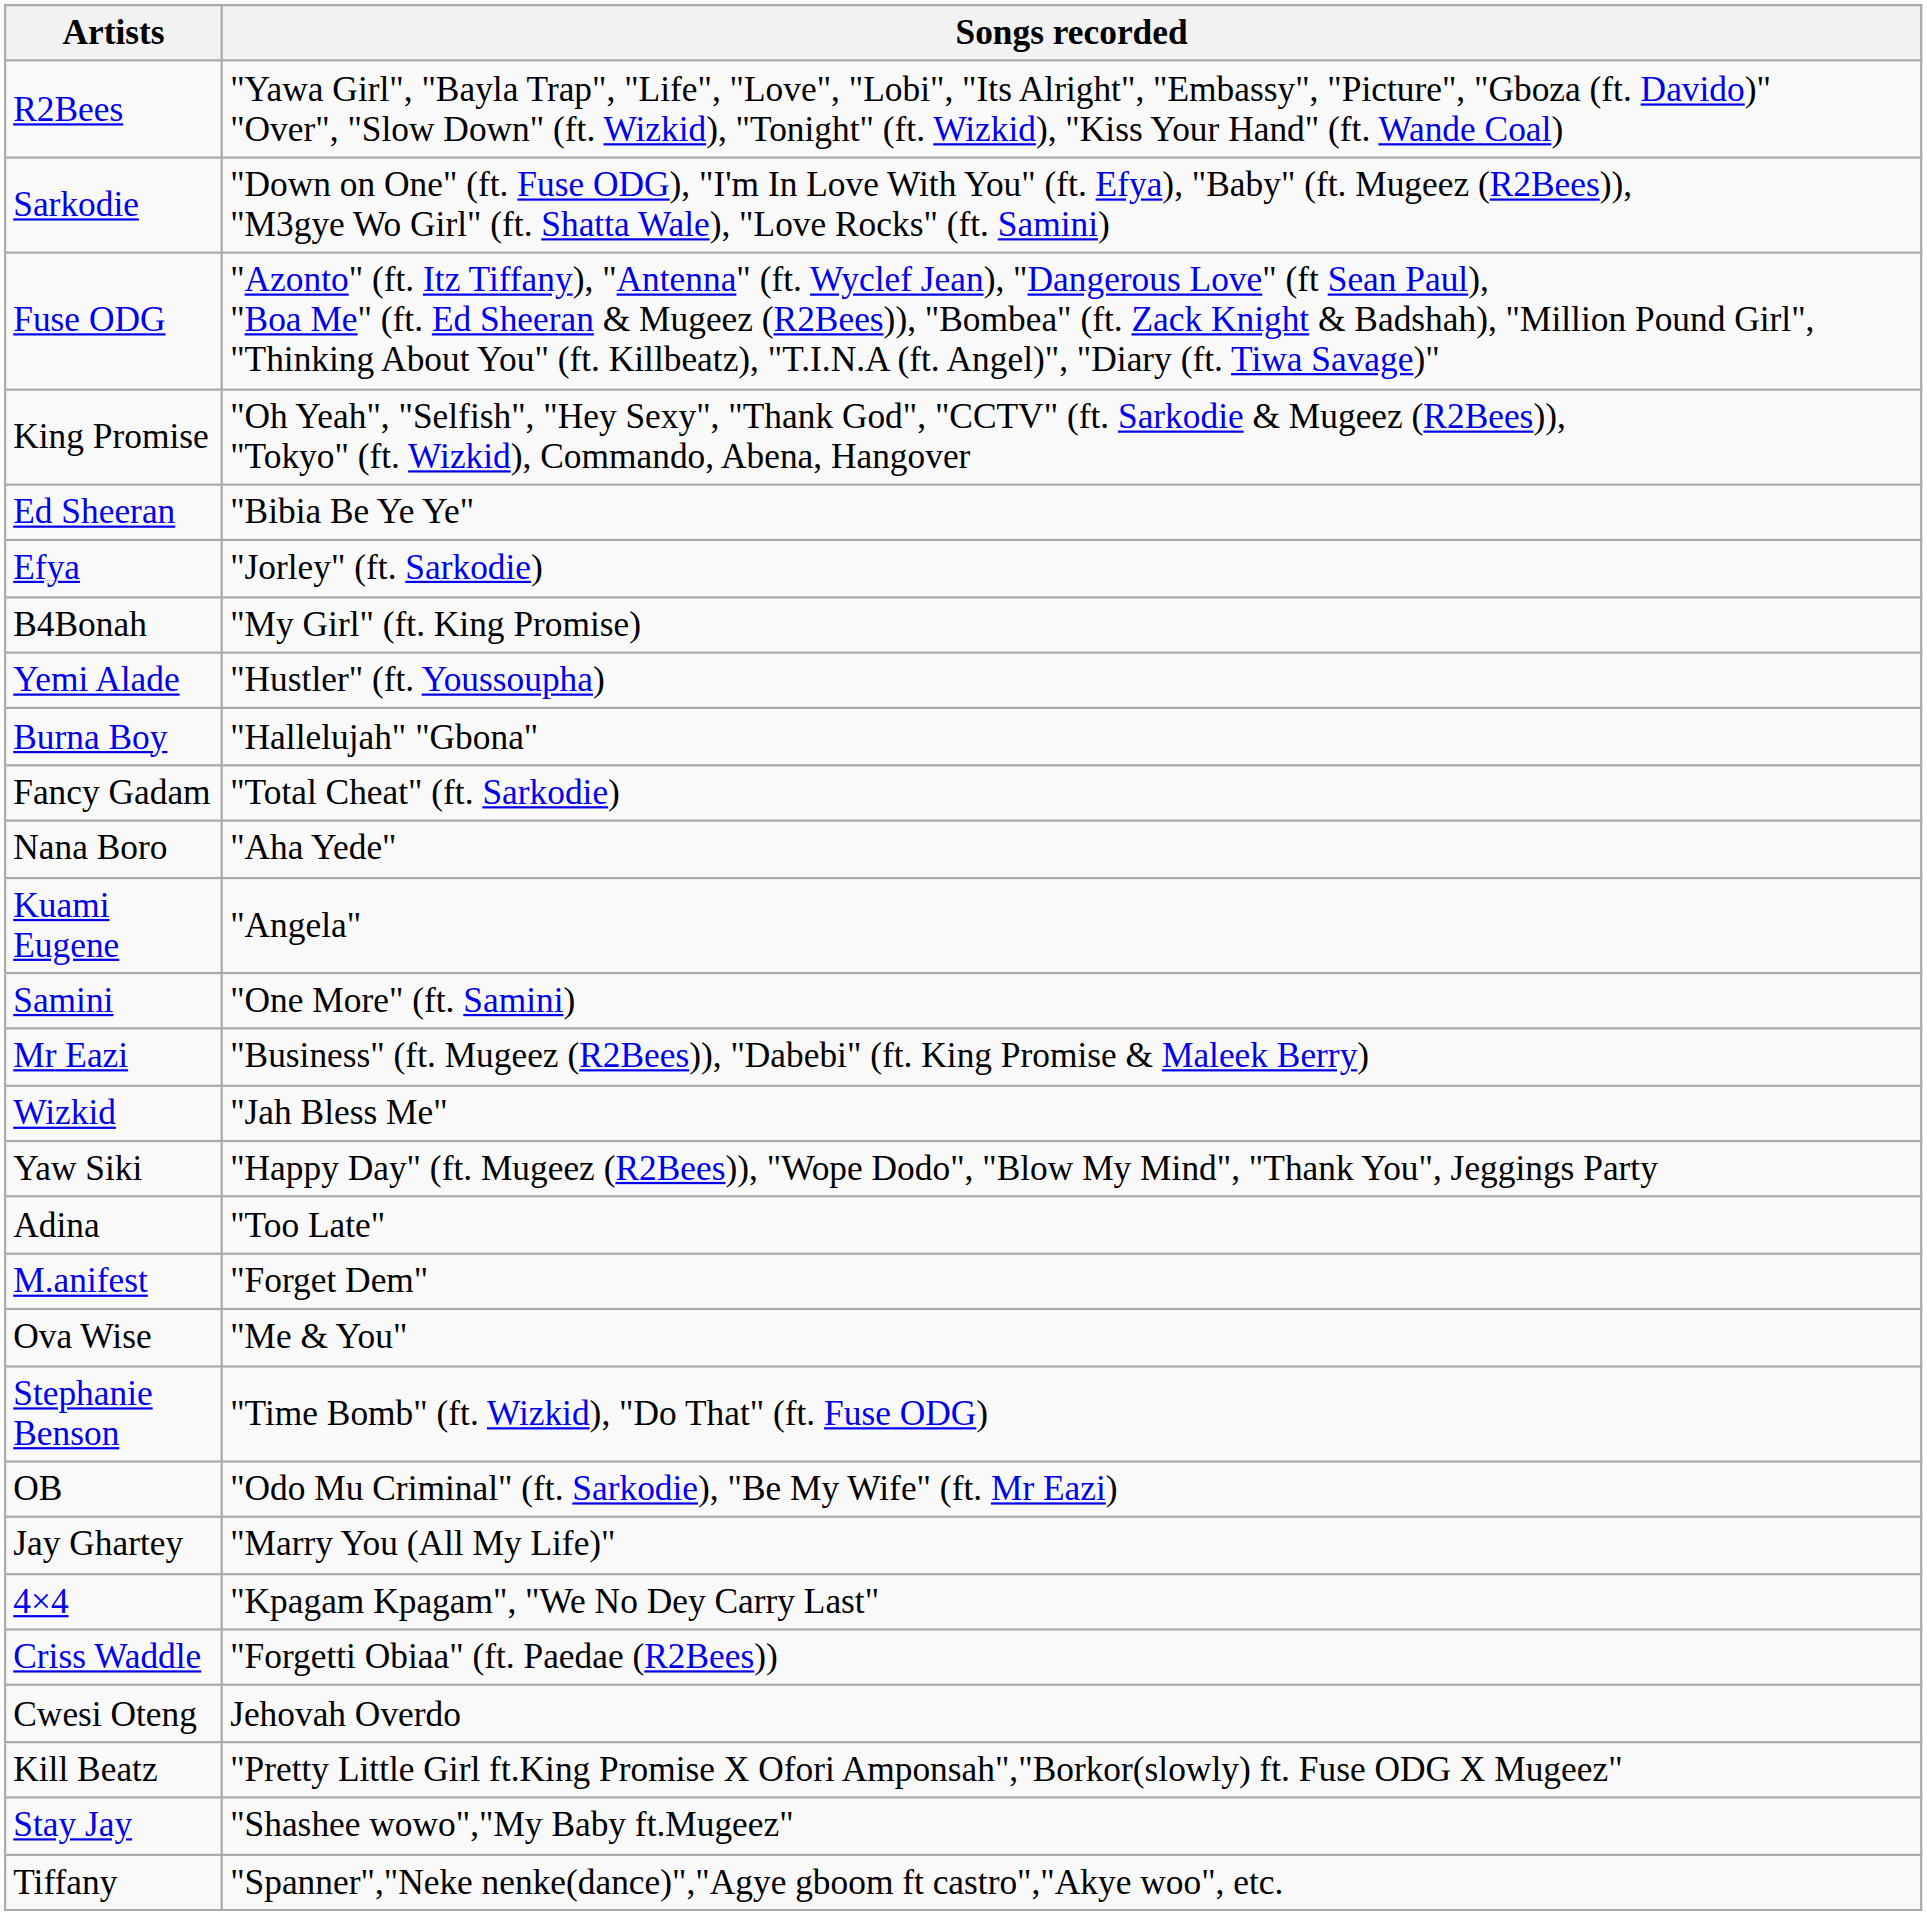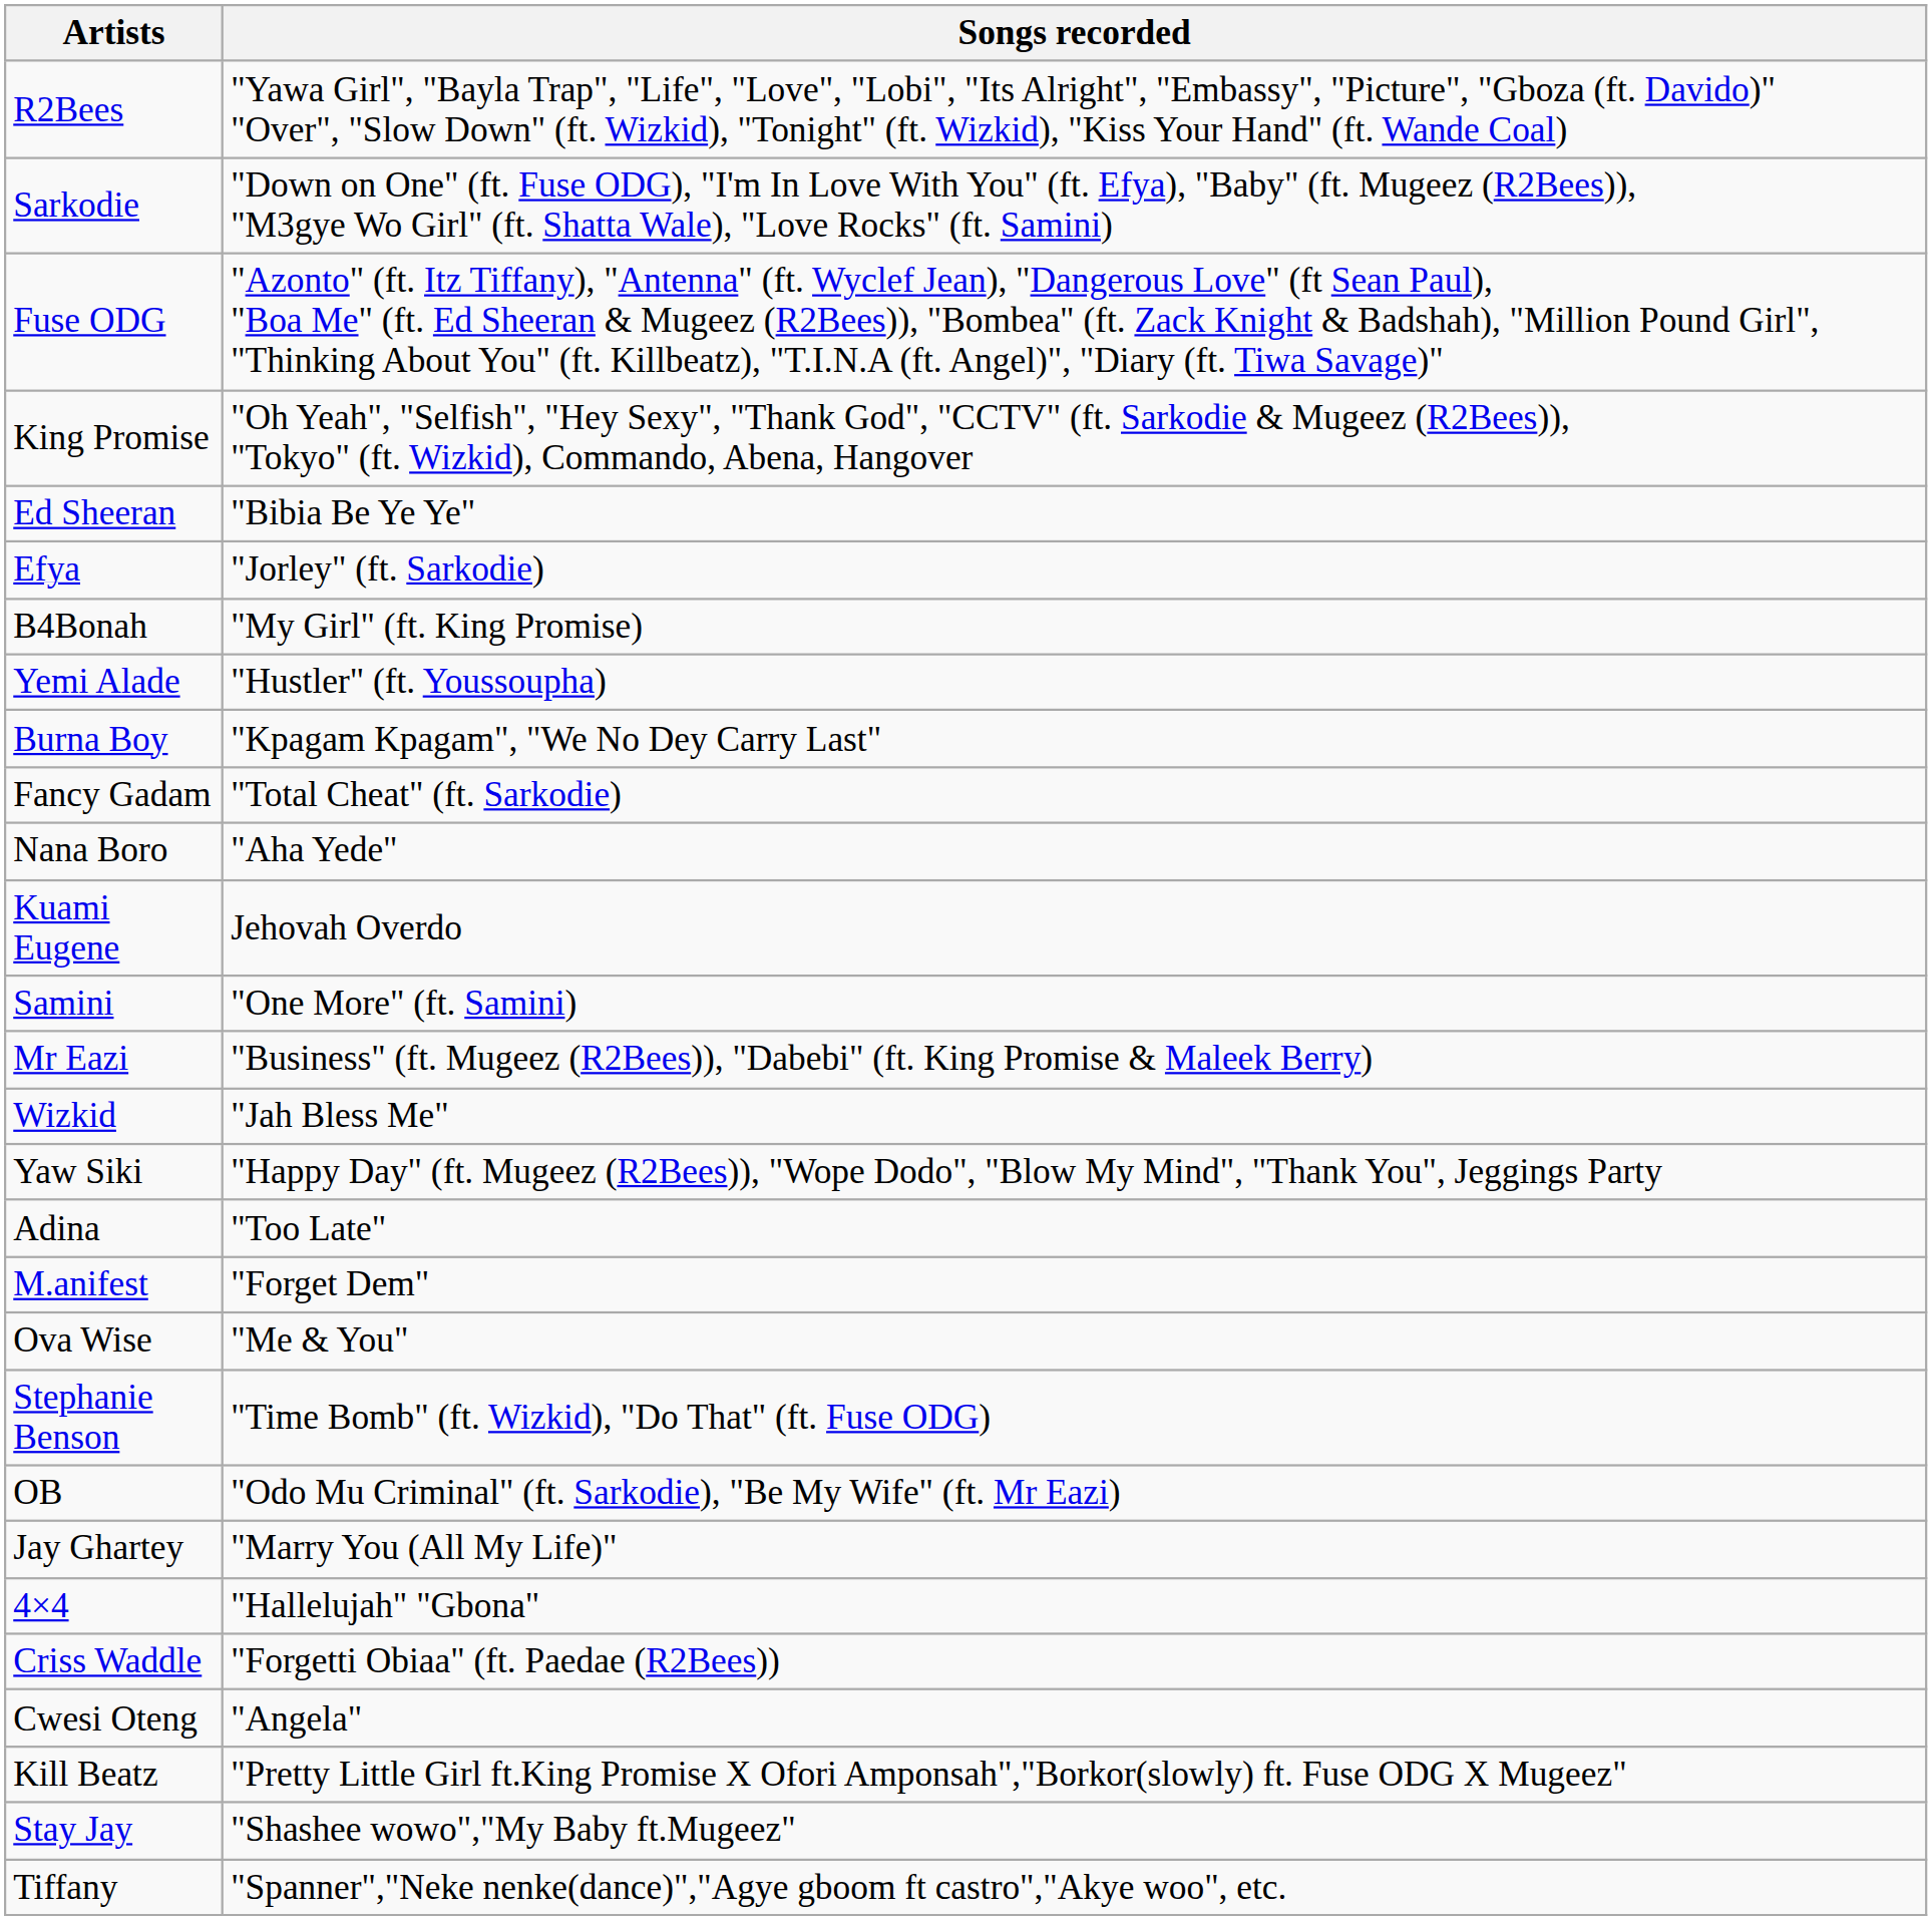 <table class="wikitable sortable">
 <tr>
 <th>Artists</th>
 <th>Songs recorded</th>
 </tr>
 <tr>
 <td><a href='#'>R2Bees</a></td>
 <td>"Yawa Girl", "Bayla Trap", "Life", "Love", "Lobi", "Its Alright", "Embassy", "Picture", "Gboza (ft. <a href='#'>Davido</a>)"<br>"Over", "Slow Down" (ft. <a href='#'>Wizkid</a>), "Tonight" (ft. <a href='#'>Wizkid</a>), "Kiss Your Hand" (ft. <a href='#'>Wande Coal</a>)</td>
 </tr>
 <tr>
 <td><a href='#'>Sarkodie</a></td>
 <td>"Down on One" (ft. <a href='#'>Fuse ODG</a>), "I'm In Love With You" (ft. <a href='#'>Efya</a>), "Baby" (ft. Mugeez (<a href='#'>R2Bees</a>)),<br>"M3gye Wo Girl" (ft. <a href='#'>Shatta Wale</a>), "Love Rocks" (ft. <a href='#'>Samini</a>)</td>
 </tr>
 <tr>
 <td><a href='#'>Fuse ODG</a></td>
 <td>"<a href='#'>Azonto</a>" (ft. <a href='#'>Itz Tiffany</a>), "<a href='#'>Antenna</a>" (ft. <a href='#'>Wyclef Jean</a>), "<a href='#'>Dangerous Love</a>" (ft <a href='#'>Sean Paul</a>),<br>"<a href='#'>Boa Me</a>" (ft. <a href='#'>Ed Sheeran</a> & Mugeez (<a href='#'>R2Bees</a>)), "Bombea" (ft. <a href='#'>Zack Knight</a> & Badshah), "Million Pound Girl", "Thinking About You" (ft. Killbeatz), "T.I.N.A (ft. Angel)", "Diary (ft. <a href='#'>Tiwa Savage</a>)"</td>
 </tr>
 <tr>
 <td>King Promise</td>
 <td>"Oh Yeah", "Selfish", "Hey Sexy", "Thank God", "CCTV" (ft. <a href='#'>Sarkodie</a>  & Mugeez (<a href='#'>R2Bees</a>)),<br>"Tokyo" (ft. <a href='#'>Wizkid</a>), Commando, Abena, Hangover</td>
 </tr>
 <tr>
 <td><a href='#'>Ed Sheeran</a></td>
 <td>"Bibia Be Ye Ye"</td>
 </tr>
 <tr>
 <td><a href='#'>Efya</a></td>
 <td>"Jorley" (ft. <a href='#'>Sarkodie</a>)</td>
 </tr>
 <tr>
 <td>B4Bonah</td>
 <td>"My Girl" (ft. King Promise)</td>
 </tr>
 <tr>
 <td><a href='#'>Yemi Alade</a></td>
 <td>"Hustler" (ft. <a href='#'>Youssoupha</a>)</td>
 </tr>
 <tr>
 <td><a href='#'>Burna Boy</a></td>
-<td>"Hallelujah" "Gbona"</td>
+<td>"Kpagam Kpagam", "We No Dey Carry Last"</td>
 </tr>
 <tr>
 <td>Fancy Gadam</td>
 <td>"Total Cheat" (ft. <a href='#'>Sarkodie</a>)</td>
 </tr>
 <tr>
 <td>Nana Boro</td>
 <td>"Aha Yede"</td>
 </tr>
 <tr>
 <td><a href='#'>Kuami Eugene</a></td>
-<td>"Angela"</td>
+<td>Jehovah Overdo</td>
 </tr>
 <tr>
 <td><a href='#'>Samini</a></td>
 <td>"One More" (ft. <a href='#'>Samini</a>)</td>
 </tr>
 <tr>
 <td><a href='#'>Mr Eazi</a></td>
 <td>"Business" (ft. Mugeez (<a href='#'>R2Bees</a>)), "Dabebi" (ft. King Promise & <a href='#'>Maleek Berry</a>)</td>
 </tr>
 <tr>
 <td><a href='#'>Wizkid</a></td>
 <td>"Jah Bless Me"</td>
 </tr>
 <tr>
 <td>Yaw Siki</td>
 <td>"Happy Day" (ft. Mugeez (<a href='#'>R2Bees</a>)), "Wope Dodo", "Blow My Mind", "Thank You", Jeggings Party</td>
 </tr>
 <tr>
 <td>Adina</td>
 <td>"Too Late"</td>
 </tr>
 <tr>
 <td><a href='#'>M.anifest</a></td>
 <td>"Forget Dem"</td>
 </tr>
 <tr>
 <td>Ova Wise</td>
 <td>"Me & You"</td>
 </tr>
 <tr>
 <td><a href='#'>Stephanie Benson</a></td>
 <td>"Time Bomb" (ft. <a href='#'>Wizkid</a>), "Do That" (ft. <a href='#'>Fuse ODG</a>)</td>
 </tr>
 <tr>
 <td>OB</td>
 <td>"Odo Mu Criminal" (ft. <a href='#'>Sarkodie</a>), "Be My Wife" (ft. <a href='#'>Mr Eazi</a>)</td>
 </tr>
 <tr>
 <td>Jay Ghartey</td>
 <td>"Marry You (All My Life)"</td>
 </tr>
 <tr>
 <td><a href='#'>4×4</a></td>
-<td>"Kpagam Kpagam", "We No Dey Carry Last"</td>
+<td>"Hallelujah" "Gbona"</td>
 </tr>
 <tr>
 <td><a href='#'>Criss Waddle</a></td>
 <td>"Forgetti Obiaa" (ft. Paedae (<a href='#'>R2Bees</a>))</td>
 </tr>
 <tr>
 <td>Cwesi Oteng</td>
-<td>Jehovah Overdo</td>
+<td>"Angela"</td>
 </tr>
 <tr>
 <td>Kill Beatz</td>
 <td>"Pretty Little Girl ft.King Promise X Ofori Amponsah","Borkor(slowly) ft. Fuse ODG X Mugeez"</td>
 </tr>
 <tr>
 <td><a href='#'>Stay Jay</a></td>
 <td>"Shashee wowo","My Baby ft.Mugeez"</td>
 </tr>
 <tr>
 <td>Tiffany</td>
 <td>"Spanner","Neke nenke(dance)","Agye gboom ft castro","Akye woo", etc.</td>
 </tr>
 </table>
